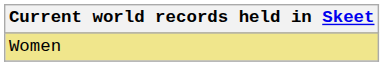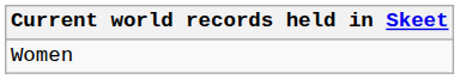 <table class="wikitable" style="font-size: 95%">
 <tr>
 <th colspan=7>Current world records held in <a href='#'>Skeet</a></th>
 </tr>
 <tr>
-<td style="background: khaki;">Women<br></td>
+<td>Women<br></td>
 </tr>
 </table>
